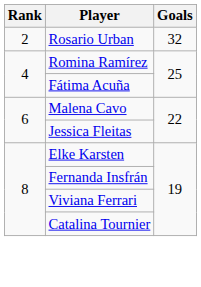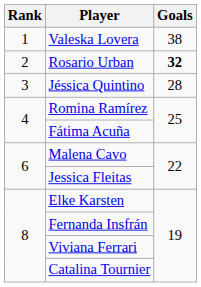 <table class="wikitable" style="text-align: center;">
 <tr>
 <th>Rank</th>
 <th>Player</th>
 <th>Goals</th>
 </tr>
 <tr>
+<td>1</td>
+<td style="text-align: left;"> <a href='#'>Valeska Lovera</a></td>
+<td>38</td>
+</tr>
+<tr>
 <td>2</td>
 <td style="text-align: left;"> <a href='#'>Rosario Urban</a></td>
-<td>32</td>
+<td><strong>32</strong></td>
+</tr>
+<tr>
+<td>3</td>
+<td style="text-align: left;"> <a href='#'>Jéssica Quintino</a></td>
+<td>28</td>
 </tr>
 <tr>
 <td rowspan=2>4</td>
 <td style="text-align: left;"> <a href='#'>Romina Ramírez</a></td>
 <td rowspan=2>25</td>
 </tr>
 <tr>
 <td style="text-align: left;"> <a href='#'>Fátima Acuña</a></td>
 </tr>
 <tr>
 <td rowspan=2>6</td>
 <td style="text-align: left;"> <a href='#'>Malena Cavo</a></td>
 <td rowspan=2>22</td>
 </tr>
 <tr>
 <td style="text-align: left;"> <a href='#'>Jessica Fleitas</a></td>
 </tr>
 <tr>
 <td rowspan=4>8</td>
 <td style="text-align: left;"> <a href='#'>Elke Karsten</a></td>
 <td rowspan=4>19</td>
 </tr>
 <tr>
 <td style="text-align: left;"> <a href='#'>Fernanda Insfrán</a></td>
 </tr>
 <tr>
 <td style="text-align: left;"> <a href='#'>Viviana Ferrari</a></td>
 </tr>
 <tr>
 <td style="text-align: left;"> <a href='#'>Catalina Tournier</a></td>
 </tr>
 </table>
